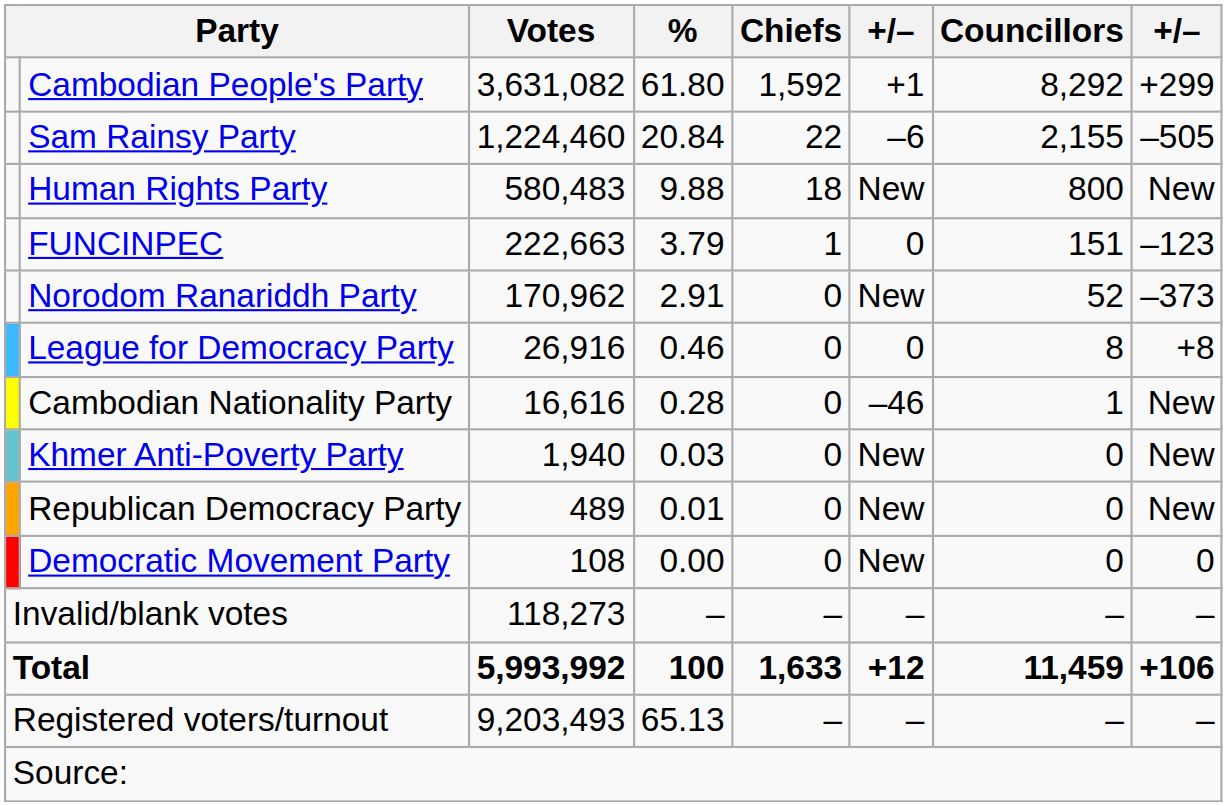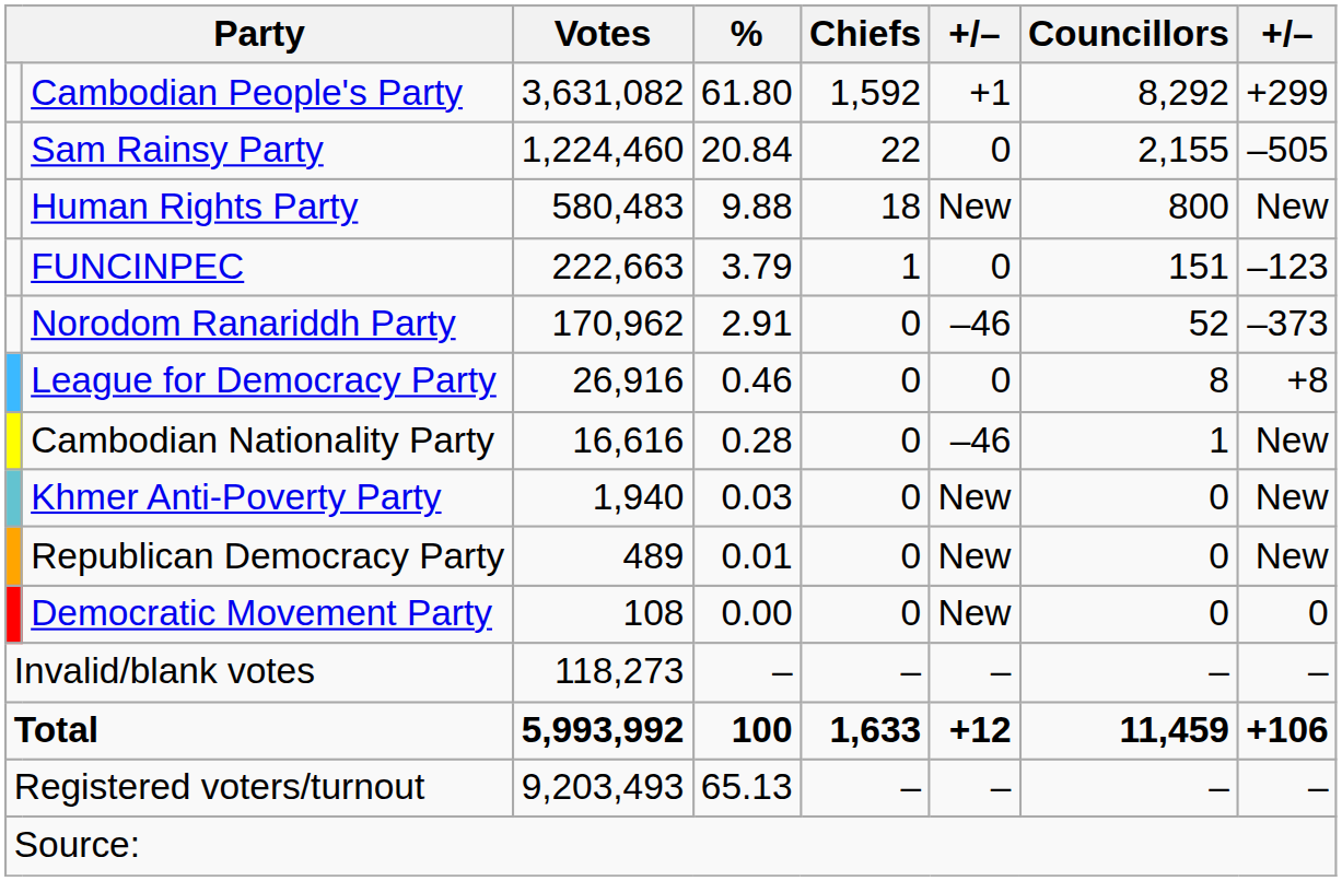 <table class=wikitable style=text-align:right>
 <tr>
 <th colspan=2>Party</th>
 <th>Votes</th>
 <th>%</th>
 <th>Chiefs</th>
 <th>+/–</th>
 <th>Councillors</th>
 <th>+/–</th>
 </tr>
 <tr>
 <td></td>
 <td align=left><a href='#'>Cambodian People's Party</a></td>
 <td>3,631,082</td>
 <td>61.80</td>
 <td>1,592</td>
 <td>+1</td>
 <td>8,292</td>
 <td>+299</td>
 </tr>
 <tr>
 <td></td>
 <td align=left><a href='#'>Sam Rainsy Party</a></td>
 <td>1,224,460</td>
 <td>20.84</td>
 <td>22</td>
-<td>–6</td>
+<td>0</td>
 <td>2,155</td>
 <td>–505</td>
 </tr>
 <tr>
 <td></td>
 <td align=left><a href='#'>Human Rights Party</a></td>
 <td>580,483</td>
 <td>9.88</td>
 <td>18</td>
 <td>New</td>
 <td>800</td>
 <td>New</td>
 </tr>
 <tr>
 <td></td>
 <td align=left><a href='#'>FUNCINPEC</a></td>
 <td>222,663</td>
 <td>3.79</td>
 <td>1</td>
 <td>0</td>
 <td>151</td>
 <td>–123</td>
 </tr>
 <tr>
 <td></td>
 <td align=left><a href='#'>Norodom Ranariddh Party</a></td>
 <td>170,962</td>
 <td>2.91</td>
 <td>0</td>
-<td>New</td>
+<td>–46</td>
 <td>52</td>
 <td>–373</td>
 </tr>
 <tr>
 <td bgcolor=#3BB9FF></td>
 <td align=left><a href='#'>League for Democracy Party</a></td>
 <td>26,916</td>
 <td>0.46</td>
 <td>0</td>
 <td>0</td>
 <td>8</td>
 <td>+8</td>
 </tr>
 <tr>
 <td bgcolor=yellow></td>
 <td align=left>Cambodian Nationality Party</td>
 <td>16,616</td>
 <td>0.28</td>
 <td>0</td>
 <td>–46</td>
 <td>1</td>
 <td>New</td>
 </tr>
 <tr>
 <td bgcolor=#63C3D0></td>
 <td align=left><a href='#'>Khmer Anti-Poverty Party</a></td>
 <td>1,940</td>
 <td>0.03</td>
 <td>0</td>
 <td>New</td>
 <td>0</td>
 <td>New</td>
 </tr>
 <tr>
 <td bgcolor=orange></td>
 <td align=left>Republican Democracy Party</td>
 <td>489</td>
 <td>0.01</td>
 <td>0</td>
 <td>New</td>
 <td>0</td>
 <td>New</td>
 </tr>
 <tr>
 <td bgcolor=red></td>
 <td align=left><a href='#'>Democratic Movement Party</a></td>
 <td>108</td>
 <td>0.00</td>
 <td>0</td>
 <td>New</td>
 <td>0</td>
 <td>0</td>
 </tr>
 <tr>
 <td style="text-align:left;" colspan="2">Invalid/blank votes</td>
 <td>118,273</td>
 <td>–</td>
 <td>–</td>
 <td>–</td>
 <td>–</td>
 <td>–</td>
 </tr>
 <tr>
 <td style="text-align:left;" colspan="2"><strong>Total</strong></td>
 <td><strong>5,993,992</strong></td>
 <td><strong>100</strong></td>
 <td><strong>1,633</strong></td>
 <td><strong>+12</strong></td>
 <td><strong>11,459</strong></td>
 <td><strong>+106</strong></td>
 </tr>
 <tr>
 <td style="text-align:left;" colspan="2">Registered voters/turnout</td>
 <td>9,203,493</td>
 <td>65.13</td>
 <td>–</td>
 <td>–</td>
 <td>–</td>
 <td>–</td>
 </tr>
 <tr>
 <td style="text-align:left;" colspan="8">Source: </td>
 </tr>
 </table>
